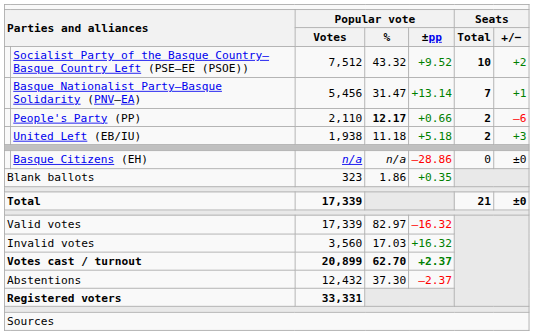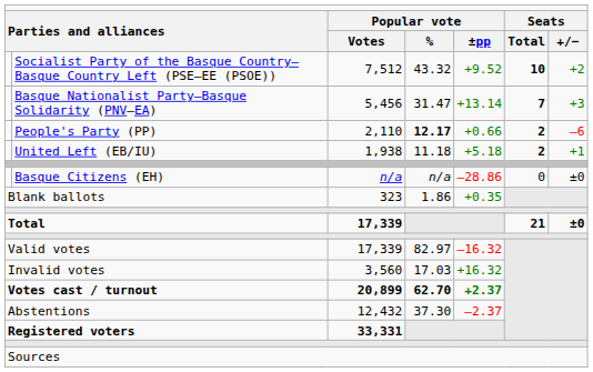 <table class="wikitable" style="text-align:right;">
 <tr>
 <td colspan="7"></td>
 </tr>
 <tr>
 <th style="text-align:left;" rowspan="2" colspan="2" width="525">Parties and alliances</th>
 <th colspan="3">Popular vote</th>
 <th colspan="2">Seats</th>
 </tr>
 <tr>
 <th width="75">Votes</th>
 <th width="45">%</th>
 <th width="45">±<a href='#'>pp</a></th>
 <th width="35">Total</th>
 <th width="35">+/−</th>
 </tr>
 <tr>
 <td width="1" style="color:inherit;background:"></td>
 <td align="left"><a href='#'>Socialist Party of the Basque Country–Basque Country Left</a> (PSE–EE (PSOE))</td>
 <td>7,512</td>
 <td>43.32</td>
 <td style="color:green;">+9.52</td>
 <td><strong>10</strong></td>
 <td style="color:green;">+2</td>
 </tr>
 <tr>
 <td style="color:inherit;background:"></td>
 <td align="left"><a href='#'>Basque Nationalist Party–Basque Solidarity</a> (<a href='#'>PNV</a>–<a href='#'>EA</a>)</td>
 <td>5,456</td>
 <td>31.47</td>
 <td style="color:green;">+13.14</td>
 <td><strong>7</strong></td>
-<td style="color:green;">+1</td>
+<td style="color:green;">+3</td>
 </tr>
 <tr>
 <td style="color:inherit;background:"></td>
 <td align="left"><a href='#'>People's Party</a> (PP)</td>
 <td>2,110</td>
 <td><strong>12.17</strong></td>
 <td style="color:green;">+0.66</td>
 <td><strong>2</strong></td>
 <td style="color:red;">–6</td>
 </tr>
 <tr>
 <td style="color:inherit;background:"></td>
 <td align="left"><a href='#'>United Left</a> (EB/IU)</td>
 <td>1,938</td>
 <td>11.18</td>
 <td style="color:green;">+5.18</td>
 <td><strong>2</strong></td>
-<td style="color:green;">+3</td>
+<td style="color:green;">+1</td>
 </tr>
 <tr>
 <td colspan="7" style="color:inherit;background:#C0C0C0"></td>
 </tr>
 <tr>
 <td style="color:inherit;background:"></td>
 <td align="left"><a href='#'>Basque Citizens</a> (EH)</td>
 <td><em><a href='#'>n/a</a></em></td>
 <td><em>n/a</em></td>
 <td style="color:red;">–28.86</td>
 <td>0</td>
 <td>±0</td>
 </tr>
 <tr>
 <td align="left" colspan="2">Blank ballots</td>
 <td>323</td>
 <td>1.86</td>
 <td style="color:green;">+0.35</td>
 <td style="color:inherit;background:#E9E9E9" colspan="2"></td>
 </tr>
 <tr>
 <td colspan="7" style="color:inherit;background:#E9E9E9"></td>
 </tr>
 <tr style="font-weight:bold;">
 <td align="left" colspan="2">Total</td>
 <td>17,339</td>
 <td bgcolor="#E9E9E9" colspan="2"></td>
 <td>21</td>
 <td>±0</td>
 </tr>
 <tr>
 <td colspan="7" style="color:inherit;background:#E9E9E9"></td>
 </tr>
 <tr>
 <td align="left" colspan="2">Valid votes</td>
 <td>17,339</td>
 <td>82.97</td>
 <td style="color:red;">–16.32</td>
 <td bgcolor="#E9E9E9" colspan="2" rowspan="5"></td>
 </tr>
 <tr>
 <td align="left" colspan="2">Invalid votes</td>
 <td>3,560</td>
 <td>17.03</td>
 <td style="color:green;">+16.32</td>
 </tr>
 <tr style="font-weight:bold;">
 <td align="left" colspan="2">Votes cast / turnout</td>
 <td>20,899</td>
 <td>62.70</td>
 <td style="color:green;">+2.37</td>
 </tr>
 <tr>
 <td align="left" colspan="2">Abstentions</td>
 <td>12,432</td>
 <td>37.30</td>
 <td style="color:red;">–2.37</td>
 </tr>
 <tr style="font-weight:bold;">
 <td align="left" colspan="2">Registered voters</td>
 <td>33,331</td>
 <td bgcolor="#E9E9E9" colspan="2"></td>
 </tr>
 <tr>
 <td colspan="7" style="color:inherit;background:#E9E9E9"></td>
 </tr>
 <tr>
 <td align="left" colspan="7">Sources</td>
 </tr>
 </table>
